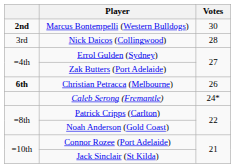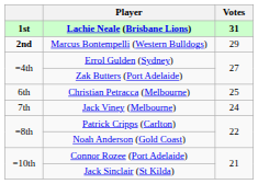 <table class="wikitable" style="text-align: center; font-size: 90%; margin: 1em auto;">
 <tr>
 <th style="width:50px;"></th>
 <th style="width:250px;">Player</th>
 <th style="width:50px;">Votes</th>
 </tr>
+<tr style="background:#cfc;">
+<td><strong>1st</strong></td>
+<td><strong><a href='#'>Lachie Neale</a> (<a href='#'>Brisbane Lions</a>)</strong></td>
+<td><strong>31</strong></td>
+</tr>
 <tr>
 <td><strong>2nd</strong></td>
 <td><a href='#'>Marcus Bontempelli</a> (<a href='#'>Western Bulldogs</a>)</td>
-<td>30</td>
-</tr>
-<tr>
-<td>3rd</td>
-<td><a href='#'>Nick Daicos</a> (<a href='#'>Collingwood</a>)</td>
-<td>28</td>
+<td>29</td>
 </tr>
 <tr>
 <td rowspan="2">=4th</td>
 <td><a href='#'>Errol Gulden</a> (<a href='#'>Sydney</a>)</td>
 <td rowspan="2">27</td>
 </tr>
 <tr>
 <td><a href='#'>Zak Butters</a> (<a href='#'>Port Adelaide</a>)</td>
 </tr>
 <tr>
-<td><strong>6th</strong></td>
+<td>6th</td>
 <td><a href='#'>Christian Petracca</a> (<a href='#'>Melbourne</a>)</td>
-<td>26</td>
+<td>25</td>
 </tr>
 <tr>
-<td></td>
-<td><em><a href='#'>Caleb Serong</a> (<a href='#'>Fremantle</a>)</em></td>
-<td>24*</td>
+<td>7th</td>
+<td><a href='#'>Jack Viney</a> (<a href='#'>Melbourne</a>)</td>
+<td>24</td>
 </tr>
 <tr>
 <td rowspan="2">=8th</td>
 <td><a href='#'>Patrick Cripps</a> (<a href='#'>Carlton</a>)</td>
 <td rowspan="2">22</td>
 </tr>
 <tr>
 <td><a href='#'>Noah Anderson</a> (<a href='#'>Gold Coast</a>)</td>
 </tr>
 <tr>
 <td rowspan="2">=10th</td>
 <td><a href='#'>Connor Rozee</a> (<a href='#'>Port Adelaide</a>)</td>
 <td rowspan="2">21</td>
 </tr>
 <tr>
 <td><a href='#'>Jack Sinclair</a> (<a href='#'>St Kilda</a>)</td>
 </tr>
 </table>
